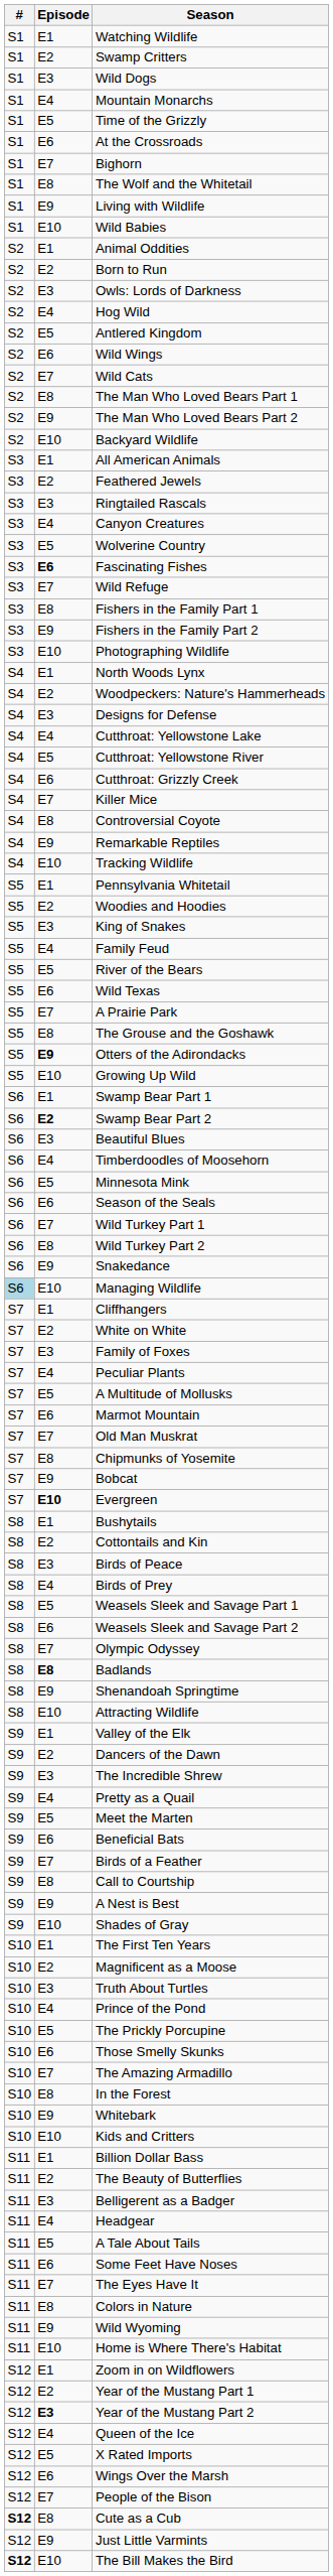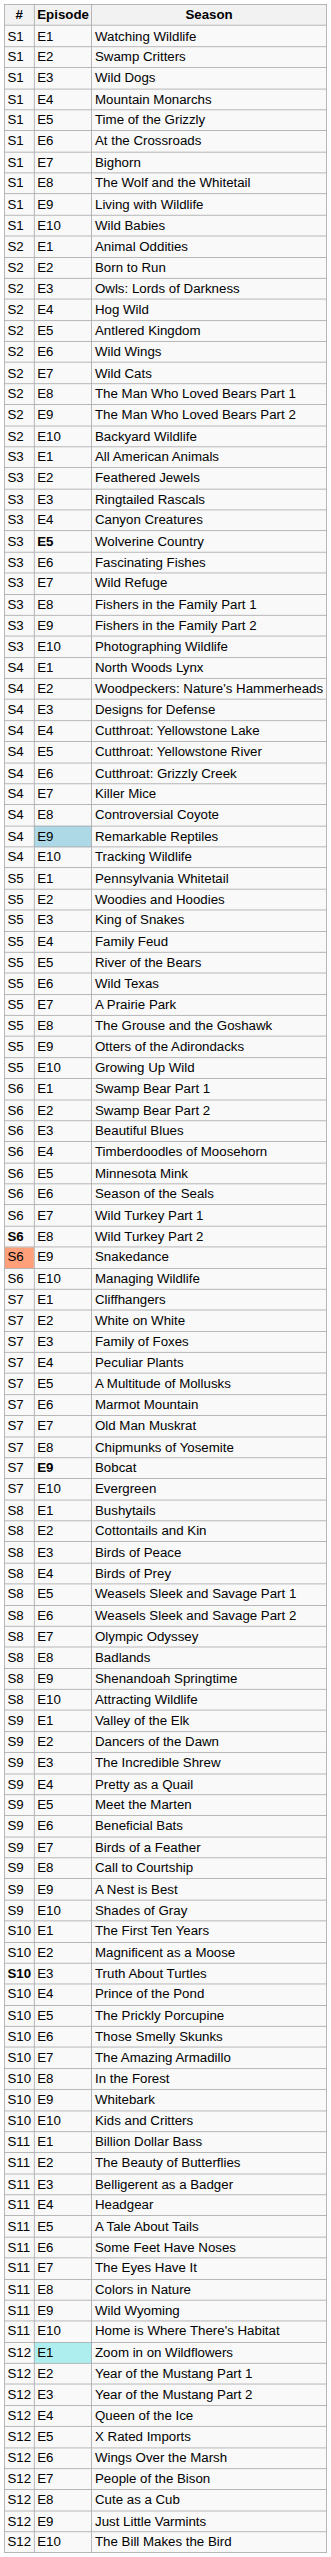 <table class="wikitable">
 <tr>
 <th>#</th>
 <th>Episode</th>
 <th>Season</th>
 </tr>
 <tr>
 <td>S1</td>
 <td>E1</td>
 <td>Watching Wildlife</td>
 </tr>
 <tr>
 <td>S1</td>
 <td>E2</td>
 <td>Swamp Critters</td>
 </tr>
 <tr>
 <td>S1</td>
 <td>E3</td>
 <td>Wild Dogs</td>
 </tr>
 <tr>
 <td>S1</td>
 <td>E4</td>
 <td>Mountain Monarchs</td>
 </tr>
 <tr>
 <td>S1</td>
 <td>E5</td>
 <td>Time of the Grizzly</td>
 </tr>
 <tr>
 <td>S1</td>
 <td>E6</td>
 <td>At the Crossroads</td>
 </tr>
 <tr>
 <td>S1</td>
 <td>E7</td>
 <td>Bighorn</td>
 </tr>
 <tr>
 <td>S1</td>
 <td>E8</td>
 <td>The Wolf and the Whitetail</td>
 </tr>
 <tr>
 <td>S1</td>
 <td>E9</td>
 <td>Living with Wildlife</td>
 </tr>
 <tr>
 <td>S1</td>
 <td>E10</td>
 <td>Wild Babies</td>
 </tr>
 <tr>
 <td>S2</td>
 <td>E1</td>
 <td>Animal Oddities</td>
 </tr>
 <tr>
 <td>S2</td>
 <td>E2</td>
 <td>Born to Run</td>
 </tr>
 <tr>
 <td>S2</td>
 <td>E3</td>
 <td>Owls: Lords of Darkness</td>
 </tr>
 <tr>
 <td>S2</td>
 <td>E4</td>
 <td>Hog Wild</td>
 </tr>
 <tr>
 <td>S2</td>
 <td>E5</td>
 <td>Antlered Kingdom</td>
 </tr>
 <tr>
 <td>S2</td>
 <td>E6</td>
 <td>Wild Wings</td>
 </tr>
 <tr>
 <td>S2</td>
 <td>E7</td>
 <td>Wild Cats</td>
 </tr>
 <tr>
 <td>S2</td>
 <td>E8</td>
 <td>The Man Who Loved Bears Part 1</td>
 </tr>
 <tr>
 <td>S2</td>
 <td>E9</td>
 <td>The Man Who Loved Bears Part 2</td>
 </tr>
 <tr>
 <td>S2</td>
 <td>E10</td>
 <td>Backyard Wildlife</td>
 </tr>
 <tr>
 <td>S3</td>
 <td>E1</td>
 <td>All American Animals</td>
 </tr>
 <tr>
 <td>S3</td>
 <td>E2</td>
 <td>Feathered Jewels</td>
 </tr>
 <tr>
 <td>S3</td>
 <td>E3</td>
 <td>Ringtailed Rascals</td>
 </tr>
 <tr>
 <td>S3</td>
 <td>E4</td>
 <td>Canyon Creatures</td>
 </tr>
 <tr>
 <td>S3</td>
-<td>E5</td>
+<td><strong>E5</strong></td>
 <td>Wolverine Country</td>
 </tr>
 <tr>
 <td>S3</td>
-<td><strong>E6</strong></td>
+<td>E6</td>
 <td>Fascinating Fishes</td>
 </tr>
 <tr>
 <td>S3</td>
 <td>E7</td>
 <td>Wild Refuge</td>
 </tr>
 <tr>
 <td>S3</td>
 <td>E8</td>
 <td>Fishers in the Family Part 1</td>
 </tr>
 <tr>
 <td>S3</td>
 <td>E9</td>
 <td>Fishers in the Family Part 2</td>
 </tr>
 <tr>
 <td>S3</td>
 <td>E10</td>
 <td>Photographing Wildlife</td>
 </tr>
 <tr>
 <td>S4</td>
 <td>E1</td>
 <td>North Woods Lynx</td>
 </tr>
 <tr>
 <td>S4</td>
 <td>E2</td>
 <td>Woodpeckers: Nature's Hammerheads</td>
 </tr>
 <tr>
 <td>S4</td>
 <td>E3</td>
 <td>Designs for Defense</td>
 </tr>
 <tr>
 <td>S4</td>
 <td>E4</td>
 <td>Cutthroat: Yellowstone Lake</td>
 </tr>
 <tr>
 <td>S4</td>
 <td>E5</td>
 <td>Cutthroat: Yellowstone River</td>
 </tr>
 <tr>
 <td>S4</td>
 <td>E6</td>
 <td>Cutthroat: Grizzly Creek</td>
 </tr>
 <tr>
 <td>S4</td>
 <td>E7</td>
 <td>Killer Mice</td>
 </tr>
 <tr>
 <td>S4</td>
 <td>E8</td>
 <td>Controversial Coyote</td>
 </tr>
 <tr>
 <td>S4</td>
-<td>E9</td>
+<td style="background: lightblue;">E9</td>
 <td>Remarkable Reptiles</td>
 </tr>
 <tr>
 <td>S4</td>
 <td>E10</td>
 <td>Tracking Wildlife</td>
 </tr>
 <tr>
 <td>S5</td>
 <td>E1</td>
 <td>Pennsylvania Whitetail</td>
 </tr>
 <tr>
 <td>S5</td>
 <td>E2</td>
 <td>Woodies and Hoodies</td>
 </tr>
 <tr>
 <td>S5</td>
 <td>E3</td>
 <td>King of Snakes</td>
 </tr>
 <tr>
 <td>S5</td>
 <td>E4</td>
 <td>Family Feud</td>
 </tr>
 <tr>
 <td>S5</td>
 <td>E5</td>
 <td>River of the Bears</td>
 </tr>
 <tr>
 <td>S5</td>
 <td>E6</td>
 <td>Wild Texas</td>
 </tr>
 <tr>
 <td>S5</td>
 <td>E7</td>
 <td>A Prairie Park</td>
 </tr>
 <tr>
 <td>S5</td>
 <td>E8</td>
 <td>The Grouse and the Goshawk</td>
 </tr>
 <tr>
 <td>S5</td>
-<td><strong>E9</strong></td>
+<td>E9</td>
 <td>Otters of the Adirondacks</td>
 </tr>
 <tr>
 <td>S5</td>
 <td>E10</td>
 <td>Growing Up Wild</td>
 </tr>
 <tr>
 <td>S6</td>
 <td>E1</td>
 <td>Swamp Bear Part 1</td>
 </tr>
 <tr>
 <td>S6</td>
-<td><strong>E2</strong></td>
+<td>E2</td>
 <td>Swamp Bear Part 2</td>
 </tr>
 <tr>
 <td>S6</td>
 <td>E3</td>
 <td>Beautiful Blues</td>
 </tr>
 <tr>
 <td>S6</td>
 <td>E4</td>
 <td>Timberdoodles of Moosehorn</td>
 </tr>
 <tr>
 <td>S6</td>
 <td>E5</td>
 <td>Minnesota Mink</td>
 </tr>
 <tr>
 <td>S6</td>
 <td>E6</td>
 <td>Season of the Seals</td>
 </tr>
 <tr>
 <td>S6</td>
 <td>E7</td>
 <td>Wild Turkey Part 1</td>
 </tr>
 <tr>
-<td>S6</td>
+<td><strong>S6</strong></td>
 <td>E8</td>
 <td>Wild Turkey Part 2</td>
 </tr>
 <tr>
-<td>S6</td>
+<td style="background: lightsalmon;">S6</td>
 <td>E9</td>
 <td>Snakedance</td>
 </tr>
 <tr>
-<td style="background: lightblue;">S6</td>
+<td>S6</td>
 <td>E10</td>
 <td>Managing Wildlife</td>
 </tr>
 <tr>
 <td>S7</td>
 <td>E1</td>
 <td>Cliffhangers</td>
 </tr>
 <tr>
 <td>S7</td>
 <td>E2</td>
 <td>White on White</td>
 </tr>
 <tr>
 <td>S7</td>
 <td>E3</td>
 <td>Family of Foxes</td>
 </tr>
 <tr>
 <td>S7</td>
 <td>E4</td>
 <td>Peculiar Plants</td>
 </tr>
 <tr>
 <td>S7</td>
 <td>E5</td>
 <td>A Multitude of Mollusks</td>
 </tr>
 <tr>
 <td>S7</td>
 <td>E6</td>
 <td>Marmot Mountain</td>
 </tr>
 <tr>
 <td>S7</td>
 <td>E7</td>
 <td>Old Man Muskrat</td>
 </tr>
 <tr>
 <td>S7</td>
 <td>E8</td>
 <td>Chipmunks of Yosemite</td>
 </tr>
 <tr>
 <td>S7</td>
-<td>E9</td>
+<td><strong>E9</strong></td>
 <td>Bobcat</td>
 </tr>
 <tr>
 <td>S7</td>
-<td><strong>E10</strong></td>
+<td>E10</td>
 <td>Evergreen</td>
 </tr>
 <tr>
 <td>S8</td>
 <td>E1</td>
 <td>Bushytails</td>
 </tr>
 <tr>
 <td>S8</td>
 <td>E2</td>
 <td>Cottontails and Kin</td>
 </tr>
 <tr>
 <td>S8</td>
 <td>E3</td>
 <td>Birds of Peace</td>
 </tr>
 <tr>
 <td>S8</td>
 <td>E4</td>
 <td>Birds of Prey</td>
 </tr>
 <tr>
 <td>S8</td>
 <td>E5</td>
 <td>Weasels Sleek and Savage Part 1</td>
 </tr>
 <tr>
 <td>S8</td>
 <td>E6</td>
 <td>Weasels Sleek and Savage Part 2</td>
 </tr>
 <tr>
 <td>S8</td>
 <td>E7</td>
 <td>Olympic Odyssey</td>
 </tr>
 <tr>
 <td>S8</td>
-<td><strong>E8</strong></td>
+<td>E8</td>
 <td>Badlands</td>
 </tr>
 <tr>
 <td>S8</td>
 <td>E9</td>
 <td>Shenandoah Springtime</td>
 </tr>
 <tr>
 <td>S8</td>
 <td>E10</td>
 <td>Attracting Wildlife</td>
 </tr>
 <tr>
 <td>S9</td>
 <td>E1</td>
 <td>Valley of the Elk</td>
 </tr>
 <tr>
 <td>S9</td>
 <td>E2</td>
 <td>Dancers of the Dawn</td>
 </tr>
 <tr>
 <td>S9</td>
 <td>E3</td>
 <td>The Incredible Shrew</td>
 </tr>
 <tr>
 <td>S9</td>
 <td>E4</td>
 <td>Pretty as a Quail</td>
 </tr>
 <tr>
 <td>S9</td>
 <td>E5</td>
 <td>Meet the Marten</td>
 </tr>
 <tr>
 <td>S9</td>
 <td>E6</td>
 <td>Beneficial Bats</td>
 </tr>
 <tr>
 <td>S9</td>
 <td>E7</td>
 <td>Birds of a Feather</td>
 </tr>
 <tr>
 <td>S9</td>
 <td>E8</td>
 <td>Call to Courtship</td>
 </tr>
 <tr>
 <td>S9</td>
 <td>E9</td>
 <td>A Nest is Best</td>
 </tr>
 <tr>
 <td>S9</td>
 <td>E10</td>
 <td>Shades of Gray</td>
 </tr>
 <tr>
 <td>S10</td>
 <td>E1</td>
 <td>The First Ten Years</td>
 </tr>
 <tr>
 <td>S10</td>
 <td>E2</td>
 <td>Magnificent as a Moose</td>
 </tr>
 <tr>
-<td>S10</td>
+<td><strong>S10</strong></td>
 <td>E3</td>
 <td>Truth About Turtles</td>
 </tr>
 <tr>
 <td>S10</td>
 <td>E4</td>
 <td>Prince of the Pond</td>
 </tr>
 <tr>
 <td>S10</td>
 <td>E5</td>
 <td>The Prickly Porcupine</td>
 </tr>
 <tr>
 <td>S10</td>
 <td>E6</td>
 <td>Those Smelly Skunks</td>
 </tr>
 <tr>
 <td>S10</td>
 <td>E7</td>
 <td>The Amazing Armadillo</td>
 </tr>
 <tr>
 <td>S10</td>
 <td>E8</td>
 <td>In the Forest</td>
 </tr>
 <tr>
 <td>S10</td>
 <td>E9</td>
 <td>Whitebark</td>
 </tr>
 <tr>
 <td>S10</td>
 <td>E10</td>
 <td>Kids and Critters</td>
 </tr>
 <tr>
 <td>S11</td>
 <td>E1</td>
 <td>Billion Dollar Bass</td>
 </tr>
 <tr>
 <td>S11</td>
 <td>E2</td>
 <td>The Beauty of Butterflies</td>
 </tr>
 <tr>
 <td>S11</td>
 <td>E3</td>
 <td>Belligerent as a Badger</td>
 </tr>
 <tr>
 <td>S11</td>
 <td>E4</td>
 <td>Headgear</td>
 </tr>
 <tr>
 <td>S11</td>
 <td>E5</td>
 <td>A Tale About Tails</td>
 </tr>
 <tr>
 <td>S11</td>
 <td>E6</td>
 <td>Some Feet Have Noses</td>
 </tr>
 <tr>
 <td>S11</td>
 <td>E7</td>
 <td>The Eyes Have It</td>
 </tr>
 <tr>
 <td>S11</td>
 <td>E8</td>
 <td>Colors in Nature</td>
 </tr>
 <tr>
 <td>S11</td>
 <td>E9</td>
 <td>Wild Wyoming</td>
 </tr>
 <tr>
 <td>S11</td>
 <td>E10</td>
 <td>Home is Where There's Habitat</td>
 </tr>
 <tr>
 <td>S12</td>
-<td>E1</td>
+<td style="background: paleturquoise;">E1</td>
 <td>Zoom in on Wildflowers</td>
 </tr>
 <tr>
 <td>S12</td>
 <td>E2</td>
 <td>Year of the Mustang Part 1</td>
 </tr>
 <tr>
 <td>S12</td>
-<td><strong>E3</strong></td>
+<td>E3</td>
 <td>Year of the Mustang Part 2</td>
 </tr>
 <tr>
 <td>S12</td>
 <td>E4</td>
 <td>Queen of the Ice</td>
 </tr>
 <tr>
 <td>S12</td>
 <td>E5</td>
 <td>X Rated Imports</td>
 </tr>
 <tr>
 <td>S12</td>
 <td>E6</td>
 <td>Wings Over the Marsh</td>
 </tr>
 <tr>
 <td>S12</td>
 <td>E7</td>
 <td>People of the Bison</td>
 </tr>
 <tr>
-<td><strong>S12</strong></td>
+<td>S12</td>
 <td>E8</td>
 <td>Cute as a Cub</td>
 </tr>
 <tr>
 <td>S12</td>
 <td>E9</td>
 <td>Just Little Varmints</td>
 </tr>
 <tr>
-<td><strong>S12</strong></td>
+<td>S12</td>
 <td>E10</td>
 <td>The Bill Makes the Bird</td>
 </tr>
 </table>
